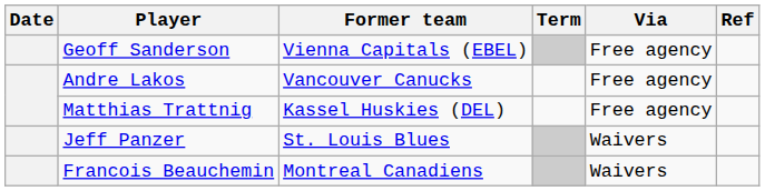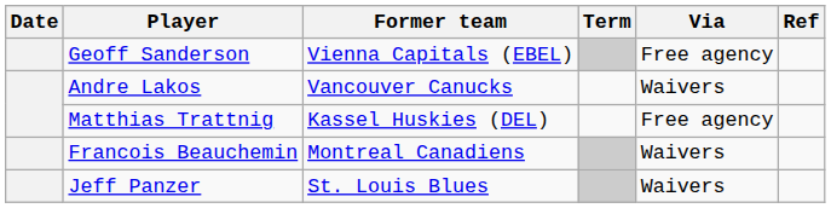 <table class="wikitable plainrowheaders">
 <tr style="background:#ddd; text-align:center;">
 <th>Date</th>
 <th>Player</th>
 <th>Former team</th>
 <th>Term</th>
 <th>Via</th>
 <th>Ref</th>
 </tr>
 <tr>
 <th scope="row"></th>
 <td><a href='#'>Geoff Sanderson</a></td>
 <td><a href='#'>Vienna Capitals</a> (<a href='#'>EBEL</a>)</td>
 <td style="background:#ccc"></td>
 <td>Free agency</td>
 <td></td>
 </tr>
 <tr>
 <th scope="row" rowspan=2></th>
 <td><a href='#'>Andre Lakos</a></td>
 <td><a href='#'>Vancouver Canucks</a></td>
 <td></td>
-<td>Free agency</td>
+<td>Waivers</td>
 <td></td>
 </tr>
 <tr>
 <td><a href='#'>Matthias Trattnig</a></td>
 <td><a href='#'>Kassel Huskies</a> (<a href='#'>DEL</a>)</td>
 <td></td>
 <td>Free agency</td>
 <td></td>
 </tr>
 <tr>
 <th scope="row"></th>
+<td><a href='#'>Francois Beauchemin</a></td>
+<td><a href='#'>Montreal Canadiens</a></td>
+<td style="background:#ccc"></td>
+<td>Waivers</td>
+<td></td>
+</tr>
+<tr>
+<th scope="row"></th>
 <td><a href='#'>Jeff Panzer</a></td>
 <td><a href='#'>St. Louis Blues</a></td>
 <td style="background:#ccc"></td>
 <td>Waivers</td>
 <td></td>
 </tr>
-<tr>
-<th scope="row"></th>
-<td><a href='#'>Francois Beauchemin</a></td>
-<td><a href='#'>Montreal Canadiens</a></td>
-<td style="background:#ccc"></td>
-<td>Waivers</td>
-<td></td>
-</tr>
 </table>
